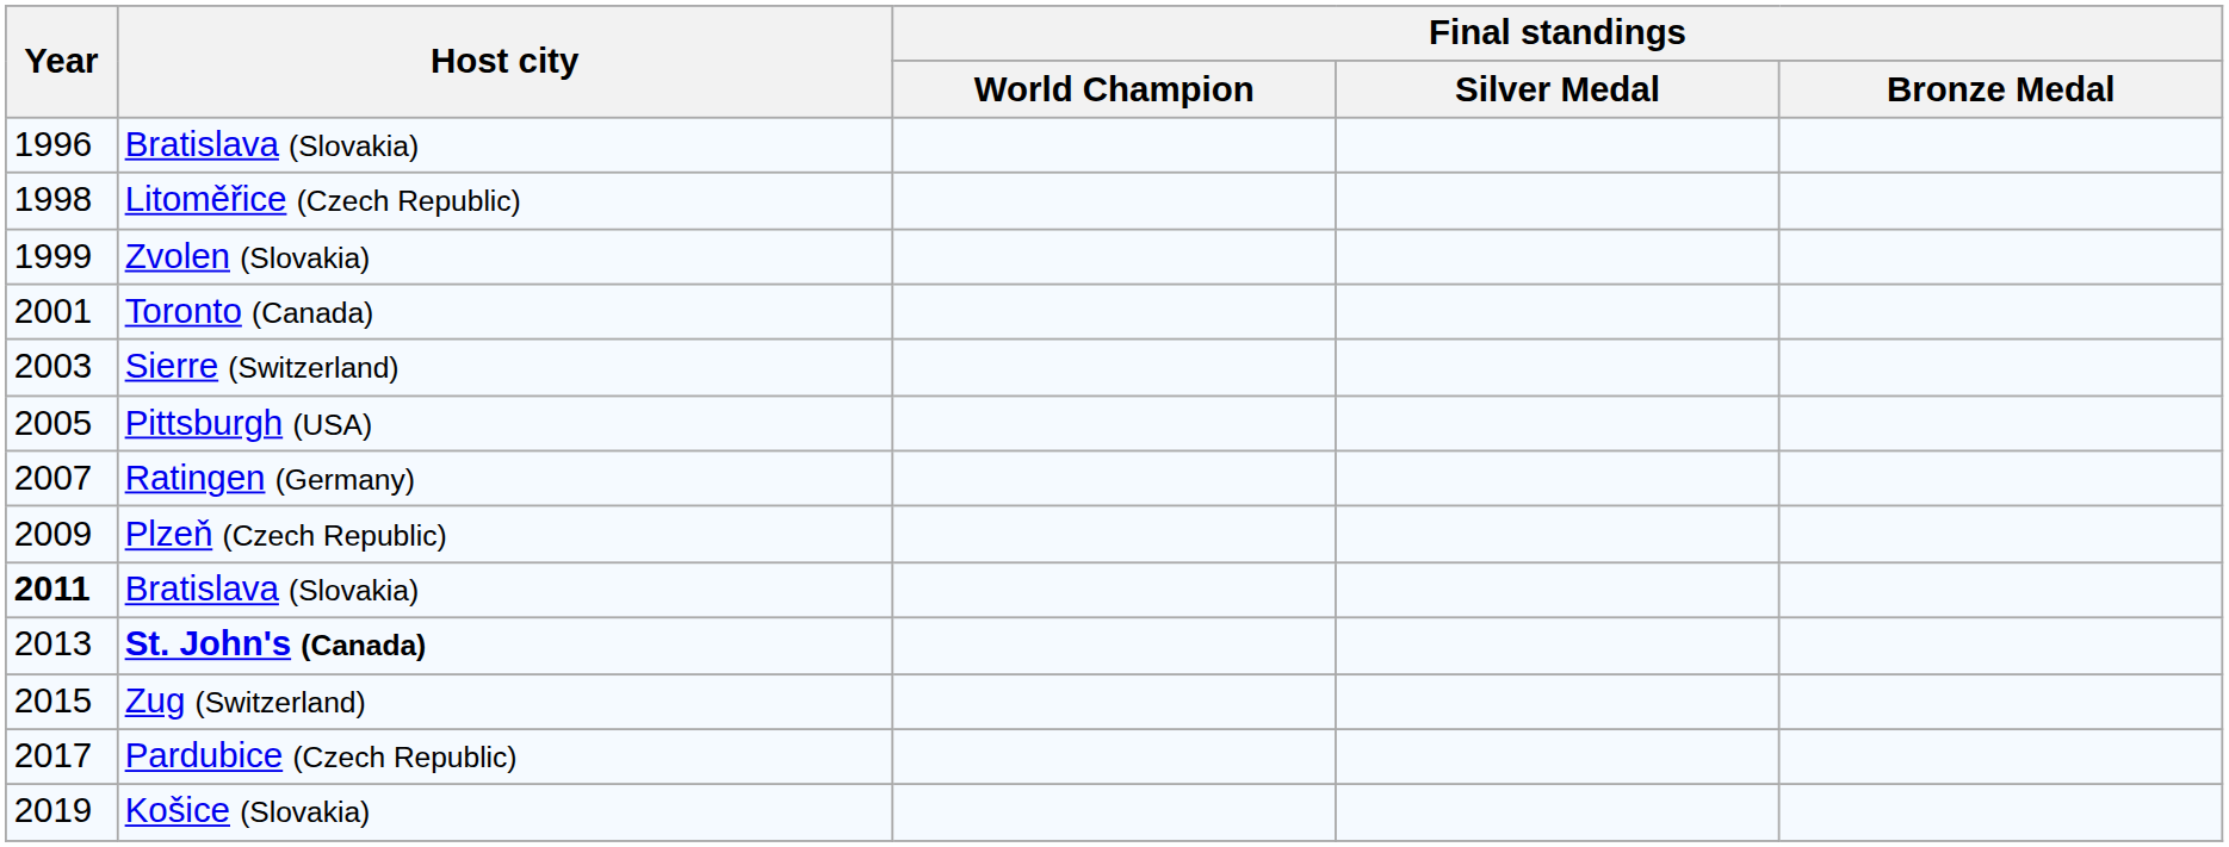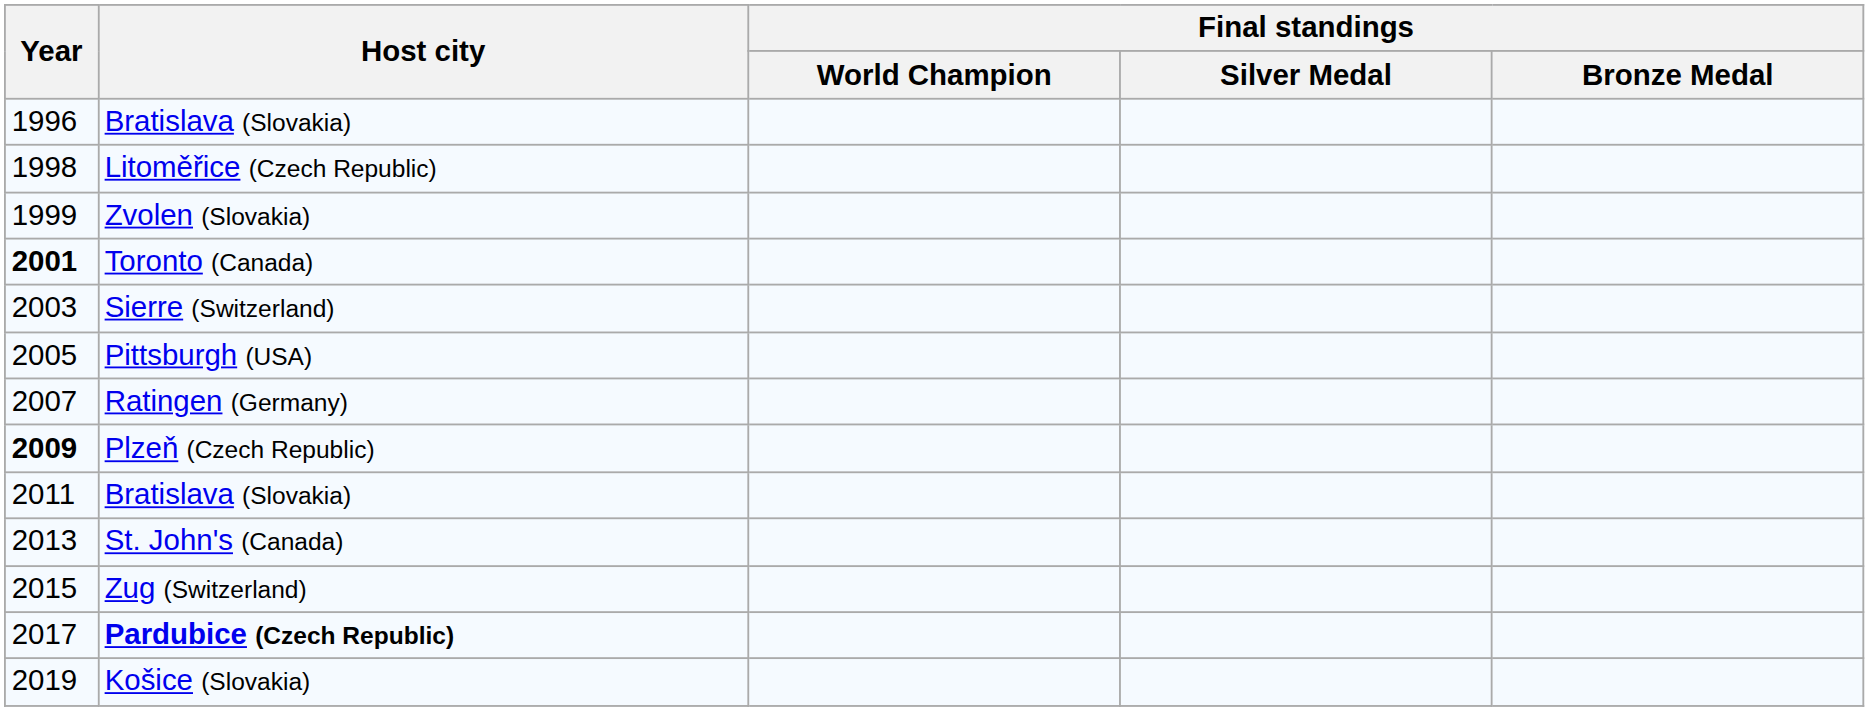 <table class="wikitable zebra" style="text-align:left; background-color:#F5FAFF; width:80%">
 <tr class="hintergrundfarbe5">
 <th rowspan="2" style="width:5%">Year</th>
 <th rowspan="2" style="width:35%">Host city</th>
 <th colspan="4">Final standings</th>
 </tr>
 <tr>
 <th style="width:20%">World Champion</th>
 <th style="width:20%">Silver Medal</th>
 <th style="width:20%">Bronze Medal</th>
 </tr>
 <tr>
 <td>1996</td>
 <td><a href='#'>Bratislava</a> <small>(Slovakia)</small></td>
 <td></td>
 <td></td>
 <td></td>
 </tr>
 <tr>
 <td>1998</td>
 <td><a href='#'>Litoměřice</a> <small>(Czech Republic)</small></td>
 <td></td>
 <td></td>
 <td></td>
 </tr>
 <tr>
 <td>1999</td>
 <td><a href='#'>Zvolen</a> <small>(Slovakia)</small></td>
 <td></td>
 <td></td>
 <td></td>
 </tr>
 <tr>
-<td>2001</td>
+<td><strong>2001</strong></td>
 <td><a href='#'>Toronto</a> <small>(Canada)</small></td>
 <td></td>
 <td></td>
 <td></td>
 </tr>
 <tr>
 <td>2003</td>
 <td><a href='#'>Sierre</a> <small>(Switzerland)</small></td>
 <td></td>
 <td></td>
 <td></td>
 </tr>
 <tr>
 <td>2005</td>
 <td><a href='#'>Pittsburgh</a> <small>(USA)</small></td>
 <td></td>
 <td></td>
 <td></td>
 </tr>
 <tr>
 <td>2007</td>
 <td><a href='#'>Ratingen</a> <small>(Germany)</small></td>
 <td></td>
 <td></td>
 <td></td>
 </tr>
 <tr>
-<td>2009</td>
+<td><strong>2009</strong></td>
 <td><a href='#'>Plzeň</a> <small>(Czech Republic)</small></td>
 <td></td>
 <td></td>
 <td></td>
 </tr>
 <tr>
-<td><strong>2011</strong></td>
+<td>2011</td>
 <td><a href='#'>Bratislava</a> <small>(Slovakia)</small></td>
 <td></td>
 <td></td>
 <td></td>
 </tr>
 <tr>
 <td>2013</td>
-<td><strong><a href='#'>St. John's</a> <small>(Canada)</small></strong></td>
+<td><a href='#'>St. John's</a> <small>(Canada)</small></td>
 <td></td>
 <td></td>
 <td></td>
 </tr>
 <tr>
 <td>2015</td>
 <td><a href='#'>Zug</a> <small>(Switzerland)</small></td>
 <td></td>
 <td></td>
 <td></td>
 </tr>
 <tr>
 <td>2017</td>
-<td><a href='#'>Pardubice</a> <small>(Czech Republic)</small></td>
+<td><strong><a href='#'>Pardubice</a> <small>(Czech Republic)</small></strong></td>
 <td></td>
 <td></td>
 <td></td>
 </tr>
 <tr>
 <td>2019</td>
 <td><a href='#'>Košice</a> <small>(Slovakia)</small></td>
 <td></td>
 <td></td>
 <td></td>
 </tr>
 </table>
